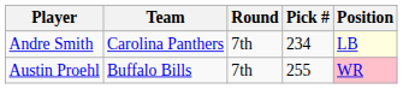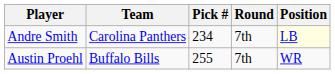 <table class="wikitable">
 <tr>
 <th>Player</th>
 <th>Team</th>
+<th>Pick #</th>
 <th>Round</th>
-<th>Pick #</th>
 <th>Position</th>
 </tr>
 <tr>
 <td><a href='#'>Andre Smith</a></td>
 <td><a href='#'>Carolina Panthers</a></td>
+<td>234</td>
 <td>7th</td>
-<td>234</td>
 <td style="background: lightyellow;"><a href='#'>LB</a></td>
 </tr>
 <tr>
 <td><a href='#'>Austin Proehl</a></td>
 <td><a href='#'>Buffalo Bills</a></td>
+<td>255</td>
 <td>7th</td>
-<td>255</td>
-<td style="background: pink;"><a href='#'>WR</a></td>
+<td><a href='#'>WR</a></td>
 </tr>
 </table>
